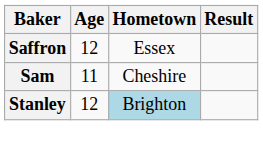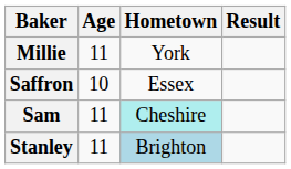 <table class="wikitable sortable" style="display:inline-table; text-align:center">
 <tr>
 <th scope="col">Baker</th>
 <th scope="col">Age</th>
 <th scope="col">Hometown</th>
 <th scope="col">Result</th>
 </tr>
 <tr>
+<th scope="row">Millie</th>
+<td>11</td>
+<td>York</td>
+<td></td>
+</tr>
+<tr>
 <th scope="row">Saffron</th>
-<td>12</td>
+<td>10</td>
 <td>Essex</td>
 <td></td>
 </tr>
 <tr>
 <th scope="row">Sam</th>
 <td>11</td>
-<td>Cheshire</td>
+<td style="background: paleturquoise;">Cheshire</td>
 <td></td>
 </tr>
 <tr>
 <th scope="row">Stanley</th>
-<td>12</td>
+<td>11</td>
 <td style="background: lightblue;">Brighton</td>
 <td></td>
 </tr>
 </table>
